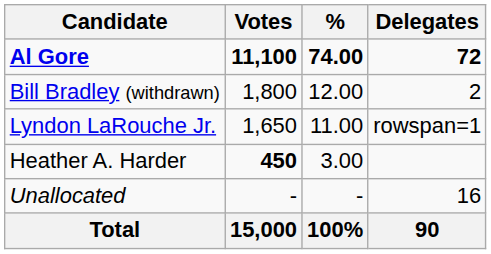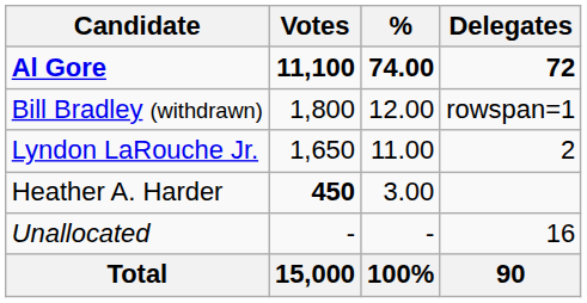 <table class="wikitable sortable" style="text-align:right;">
 <tr>
 <th>Candidate</th>
 <th>Votes</th>
 <th>%</th>
 <th>Delegates</th>
 </tr>
 <tr>
 <td style="text-align:left;" data-sort-value="Gore, Al"><strong><a href='#'>Al Gore</a></strong></td>
 <td><strong>11,100	</strong></td>
 <td><strong>74.00</strong></td>
 <td><strong>72</strong></td>
 </tr>
 <tr>
 <td style="text-align:left;" data-sort-value="Bradley, Bill"><a href='#'>Bill Bradley</a> <small>(withdrawn)</small></td>
 <td>1,800</td>
 <td>12.00</td>
-<td>2</td>
+<td>rowspan=1 </td>
 </tr>
 <tr>
 <td style="text-align:left;" data-sort-value="LaRouche Jr., Lyndon"><a href='#'>Lyndon LaRouche Jr.</a></td>
 <td>1,650</td>
 <td>11.00</td>
-<td>rowspan=1 </td>
+<td>2</td>
 </tr>
 <tr>
 <td style="text-align:left;" data-sort-value="Harder, Heather A.">Heather A. Harder</td>
 <td><strong>450</strong></td>
 <td>3.00</td>
 </tr>
 <tr>
 <td style="text-align:left;" data-sort-value="ZZZ"><em>Unallocated</em></td>
 <td>-</td>
 <td>-</td>
 <td>16</td>
 </tr>
 <tr>
 <th>Total</th>
 <th>15,000</th>
 <th>100%</th>
 <th>90</th>
 </tr>
 </table>
